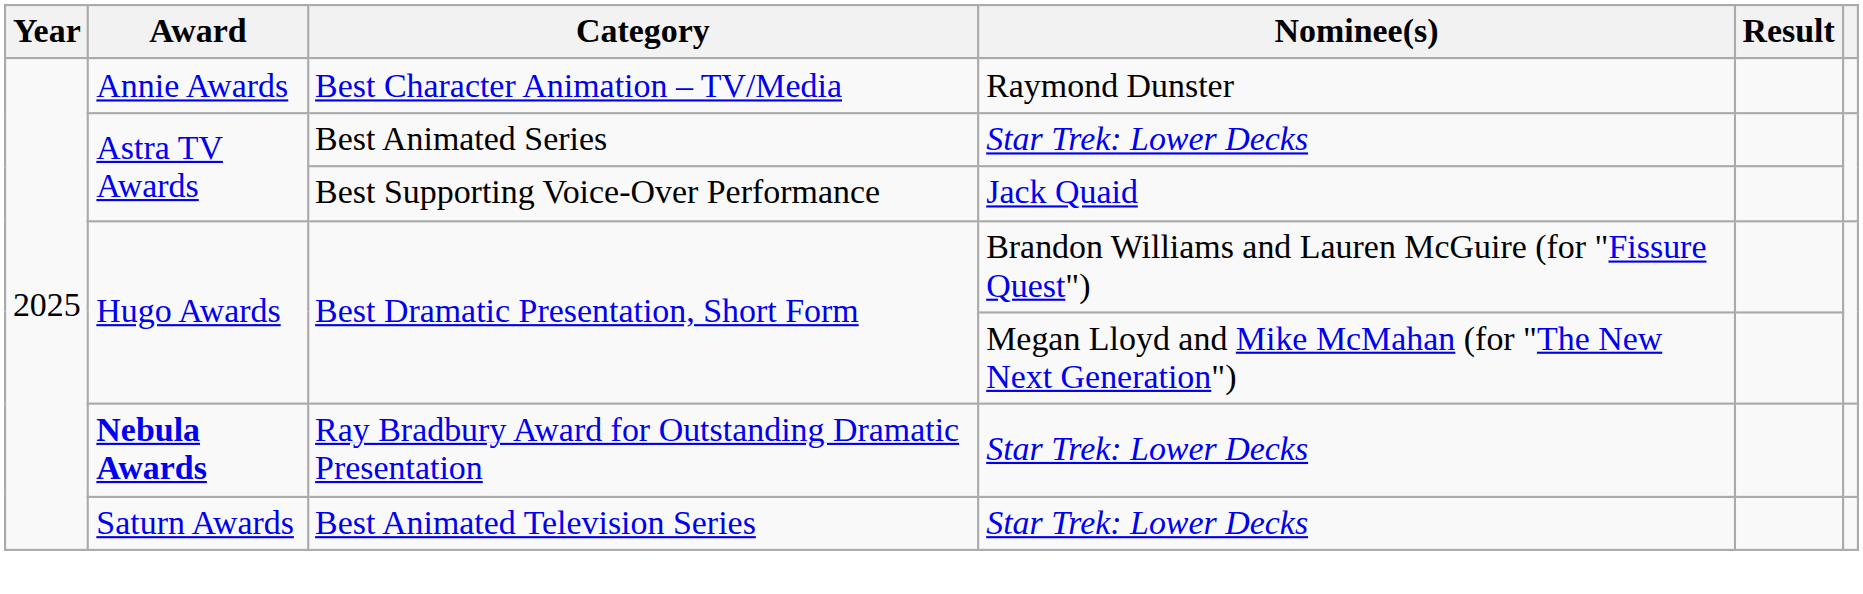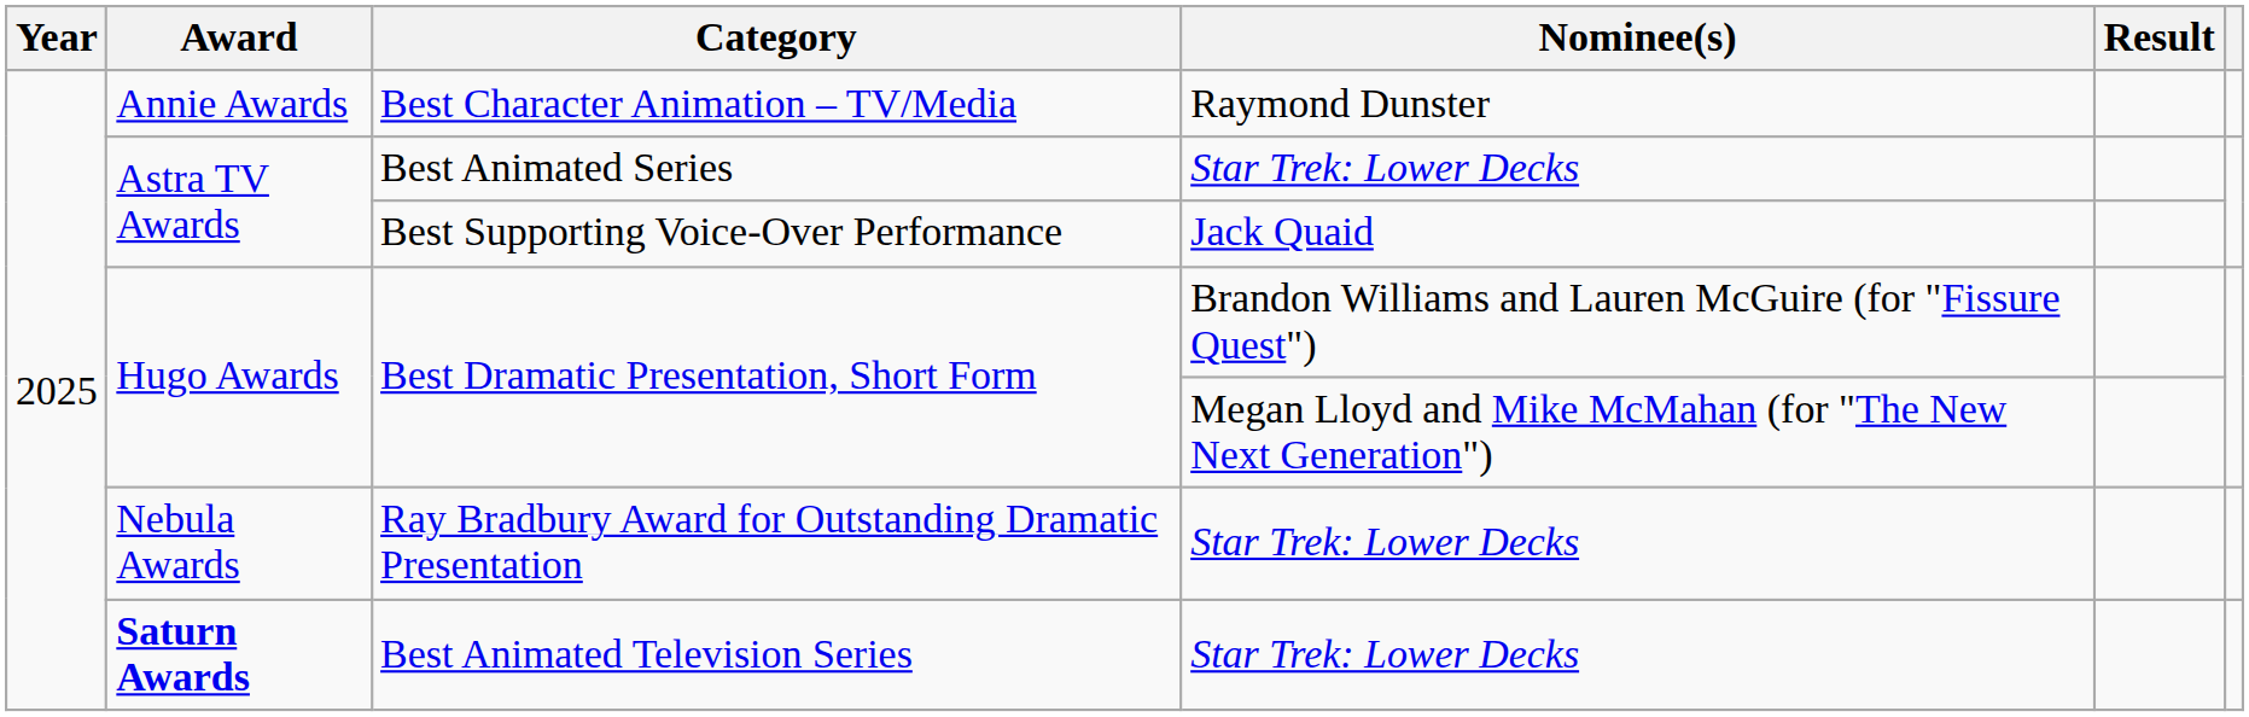 <table class="wikitable sortable" style="width:99%">
 <tr>
 <th scope="col">Year</th>
 <th scope="col">Award</th>
 <th scope="col">Category</th>
 <th scope="col">Nominee(s)</th>
 <th scope="col">Result</th>
 <th scope="col" class="unsortable"></th>
 </tr>
 <tr>
 <td rowspan="7">2025</td>
 <td><a href='#'>Annie Awards</a></td>
 <td><a href='#'>Best Character Animation – TV/Media</a></td>
 <td>Raymond Dunster</td>
 <td></td>
 <td style="text-align:center"></td>
 </tr>
 <tr>
 <td rowspan="2"><a href='#'>Astra TV Awards</a></td>
 <td>Best Animated Series</td>
 <td><em><a href='#'>Star Trek: Lower Decks</a></em></td>
 <td></td>
 <td rowspan="2" style="text-align:center;"></td>
 </tr>
 <tr>
 <td>Best Supporting Voice-Over Performance</td>
 <td><a href='#'>Jack Quaid</a></td>
 <td></td>
 </tr>
 <tr>
 <td rowspan="2"><a href='#'>Hugo Awards</a></td>
 <td rowspan="2"><a href='#'>Best Dramatic Presentation, Short Form</a></td>
 <td>Brandon Williams and Lauren McGuire (for "<a href='#'>Fissure Quest</a>")</td>
 <td></td>
 <td rowspan="2" style="text-align:center;"></td>
 </tr>
 <tr>
 <td>Megan Lloyd and <a href='#'>Mike McMahan</a> (for "<a href='#'>The New Next Generation</a>")</td>
 <td></td>
 </tr>
 <tr>
-<td><strong><a href='#'>Nebula Awards</a></strong></td>
+<td><a href='#'>Nebula Awards</a></td>
 <td><a href='#'>Ray Bradbury Award for Outstanding Dramatic Presentation</a></td>
 <td><em><a href='#'>Star Trek: Lower Decks</a></em></td>
 <td></td>
 <td style="text-align:center;"></td>
 </tr>
 <tr>
-<td><a href='#'>Saturn Awards</a></td>
+<td><strong><a href='#'>Saturn Awards</a></strong></td>
 <td><a href='#'>Best Animated Television Series</a></td>
 <td><em><a href='#'>Star Trek: Lower Decks</a></em></td>
 <td></td>
 <td style="text-align:center;"></td>
 </tr>
 </table>
